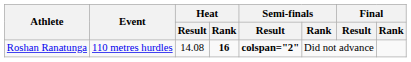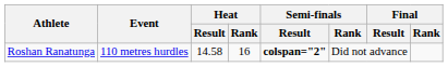 <table class="wikitable" style="font-size:90%; text-align:center">
 <tr>
 <th rowspan="2">Athlete</th>
 <th rowspan="2">Event</th>
 <th colspan="2">Heat</th>
 <th colspan="2">Semi-finals</th>
 <th colspan="2">Final</th>
 </tr>
 <tr>
 <th>Result</th>
 <th>Rank</th>
 <th>Result</th>
 <th>Rank</th>
 <th>Result</th>
 <th>Rank</th>
 </tr>
 <tr>
 <td align="left"><a href='#'>Roshan Ranatunga</a></td>
 <td align="left"><a href='#'>110 metres hurdles</a></td>
-<td>14.08</td>
-<td><strong>16</strong></td>
+<td>14.58</td>
+<td>16</td>
 <td><strong>colspan="2" </strong></td>
 <td colspan="2">Did not advance</td>
 </tr>
 </table>
